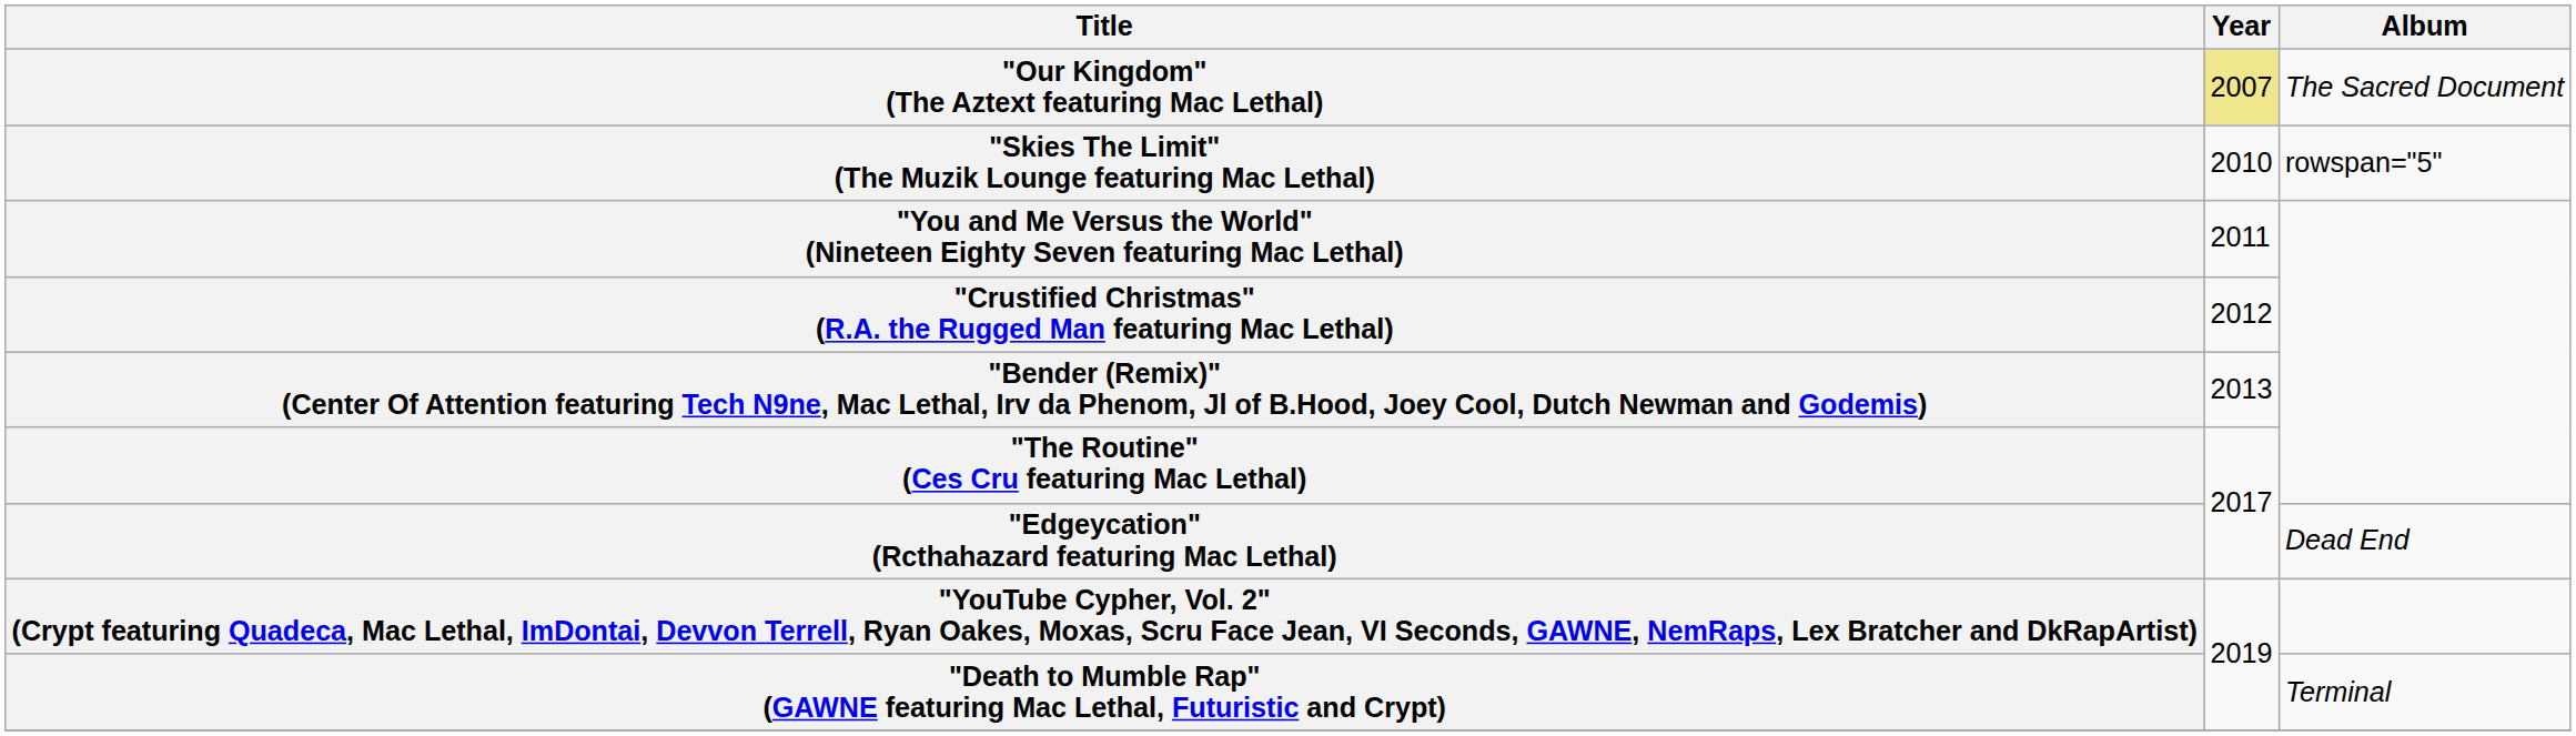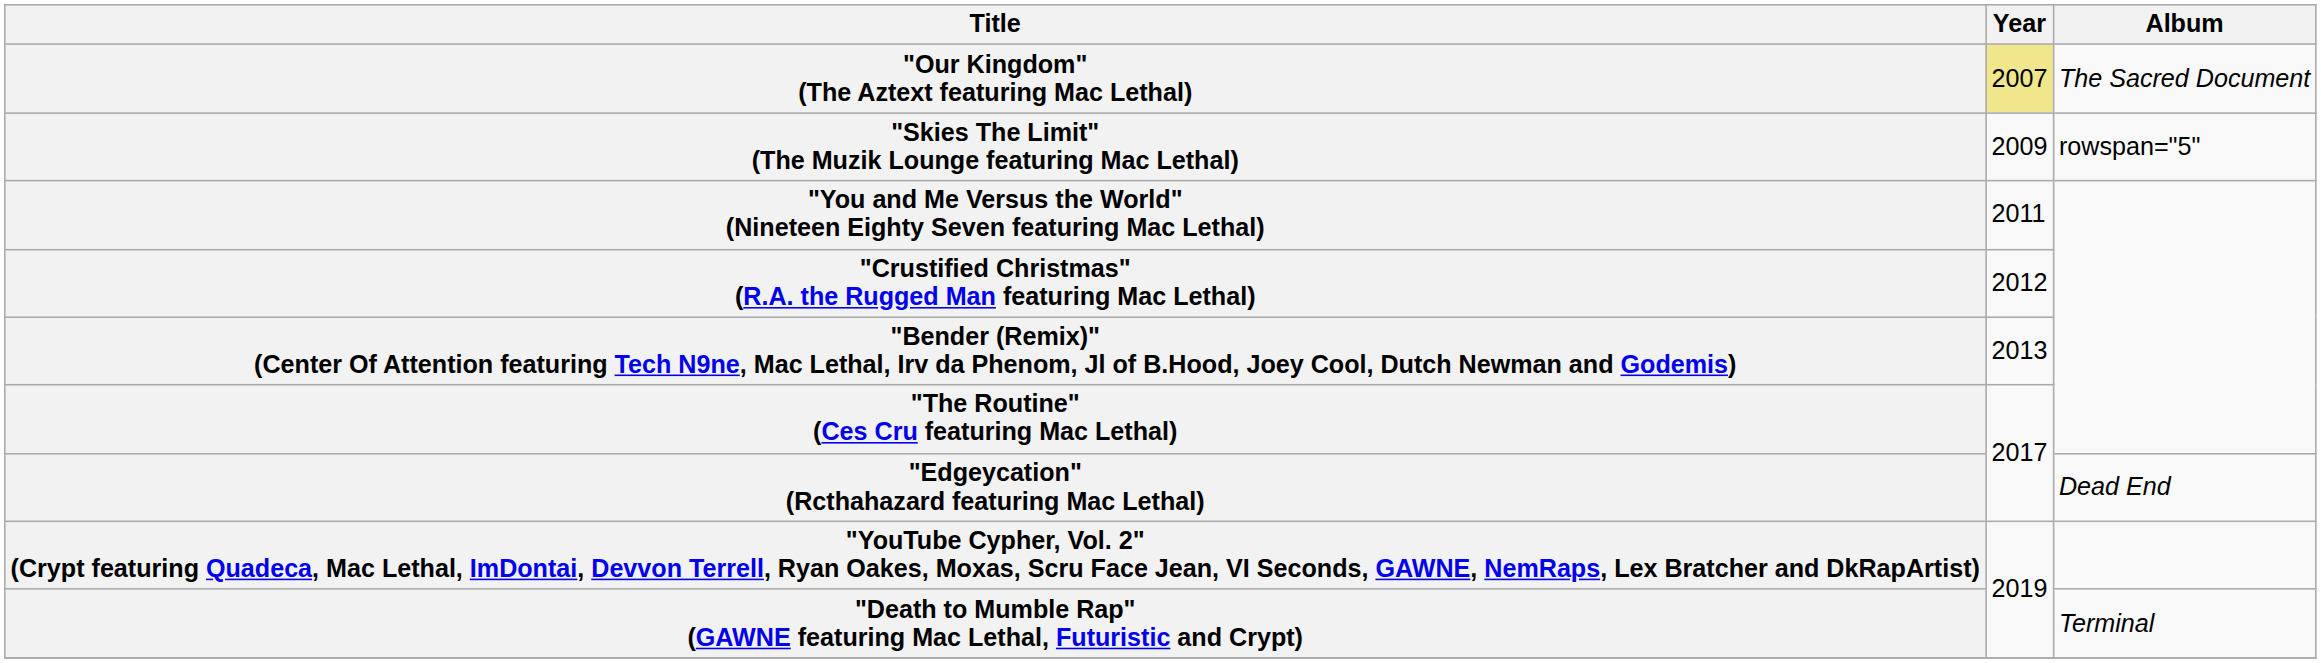 <table class="wikitable plainrowheaders">
 <tr>
 <th>Title</th>
 <th>Year</th>
 <th>Album</th>
 </tr>
 <tr>
 <th scope="row">"Our Kingdom"<br><span>(The Aztext featuring Mac Lethal)</span></th>
 <td style="background: khaki;">2007</td>
 <td><em>The Sacred Document</em></td>
 </tr>
 <tr>
 <th scope="row">"Skies The Limit"<br><span>(The Muzik Lounge featuring Mac Lethal)</span></th>
-<td>2010</td>
+<td>2009</td>
 <td>rowspan="5" </td>
 </tr>
 <tr>
 <th scope="row">"You and Me Versus the World"<br><span>(Nineteen Eighty Seven featuring Mac Lethal)</span></th>
 <td>2011</td>
 </tr>
 <tr>
 <th scope="row">"Crustified Christmas"<br><span>(<a href='#'>R.A. the Rugged Man</a> featuring Mac Lethal)</span></th>
 <td>2012</td>
 </tr>
 <tr>
 <th scope="row">"Bender (Remix)"<br><span>(Center Of Attention featuring <a href='#'>Tech N9ne</a>, Mac Lethal, Irv da Phenom, Jl of B.Hood, Joey Cool, Dutch Newman and <a href='#'>Godemis</a>)</span></th>
 <td>2013</td>
 </tr>
 <tr>
 <th scope="row">"The Routine"<br><span>(<a href='#'>Ces Cru</a> featuring Mac Lethal)</span></th>
 <td rowspan="2">2017</td>
 </tr>
 <tr>
 <th scope="row">"Edgeycation"<br><span>(Rcthahazard featuring Mac Lethal)</span></th>
 <td><em>Dead End</em></td>
 </tr>
 <tr>
 <th scope="row">"YouTube Cypher, Vol. 2"<br><span>(Crypt featuring <a href='#'>Quadeca</a>, Mac Lethal, <a href='#'>ImDontai</a>, <a href='#'>Devvon Terrell</a>, Ryan Oakes, Moxas, Scru Face Jean, VI Seconds, <a href='#'>GAWNE</a>, <a href='#'>NemRaps</a>, Lex Bratcher and DkRapArtist)</span></th>
 <td rowspan="2">2019</td>
 <td></td>
 </tr>
 <tr>
 <th scope="row">"Death to Mumble Rap"<br><span>(<a href='#'>GAWNE</a> featuring Mac Lethal, <a href='#'>Futuristic</a> and Crypt)</span></th>
 <td><em>Terminal</em></td>
 </tr>
 <tr>
 </tr>
 </table>
